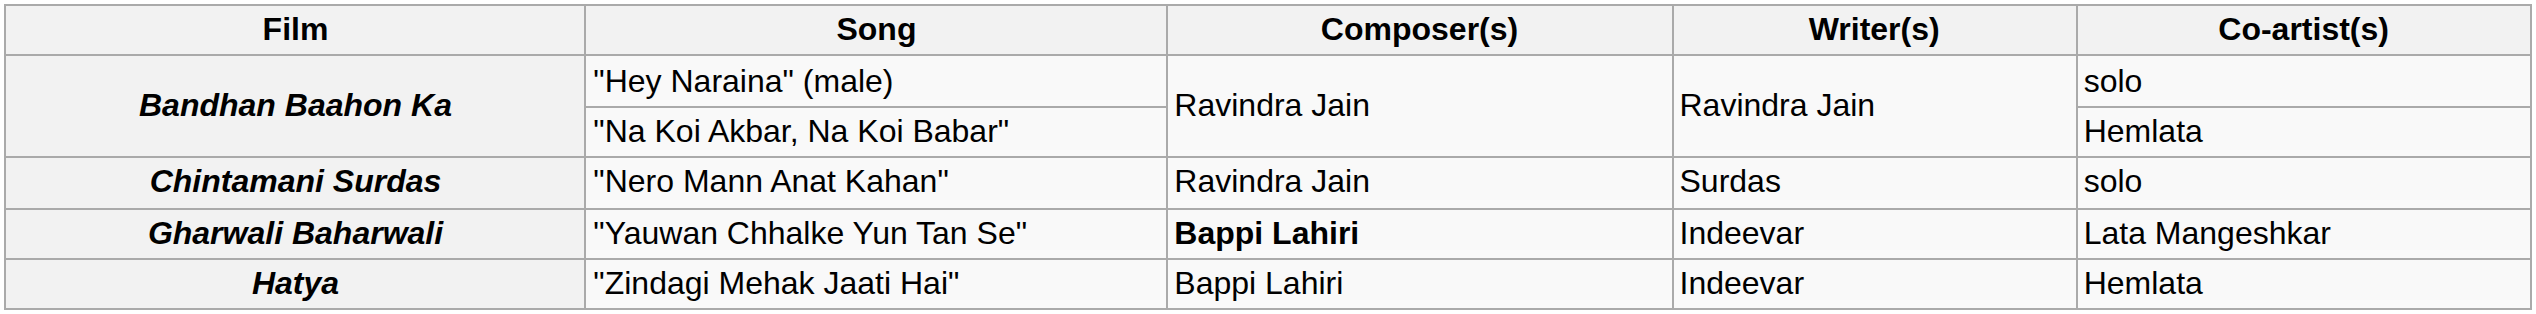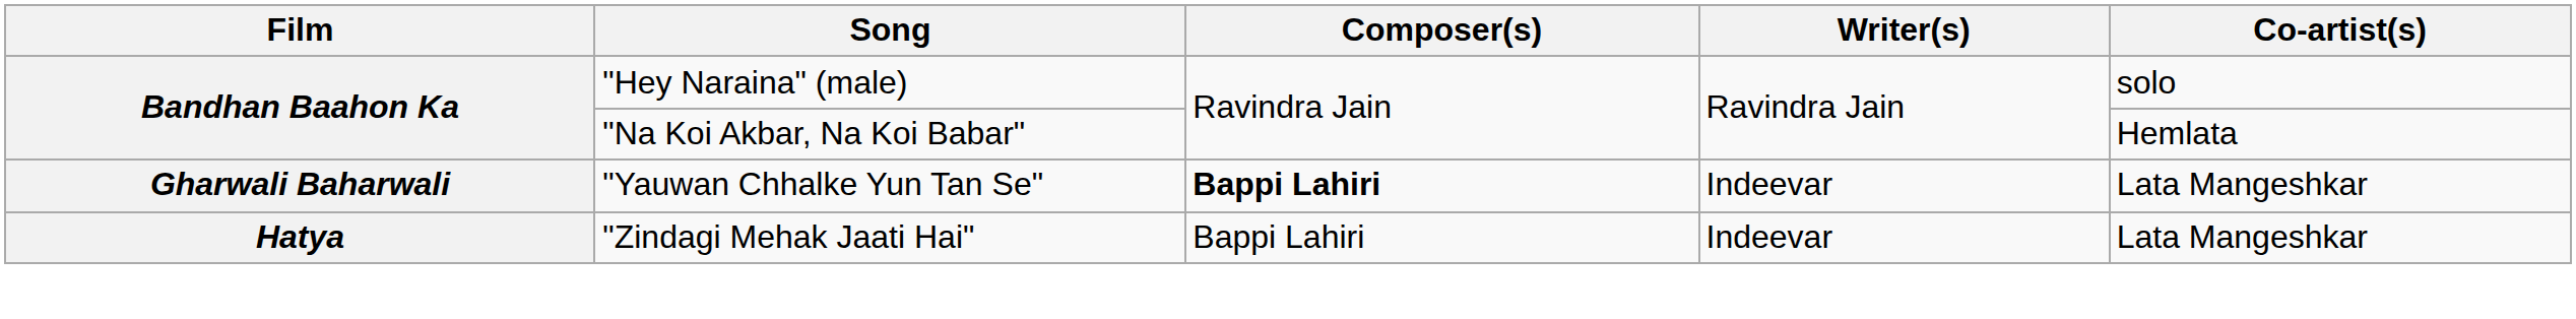 <table class="wikitable plainrowheaders" style="width:100%;" textcolor:#000;">
 <tr style="background:#b0e0e66;">
 <th scope="col" style="width:23%;"><strong>Film</strong></th>
 <th scope="col" style="width:23%;"><strong>Song</strong></th>
 <th scope="col" style="width:20%;"><strong>Composer(s)</strong></th>
 <th scope="col" style="width:16%;"><strong>Writer(s)</strong></th>
 <th scope="col" style="width:18%;"><strong>Co-artist(s)</strong></th>
 </tr>
 <tr>
 <th rowspan=2><em>Bandhan Baahon Ka</em></th>
 <td>"Hey Naraina" (male)</td>
 <td rowspan=2>Ravindra Jain</td>
 <td Rowspan=2>Ravindra Jain</td>
 <td>solo</td>
 </tr>
 <tr>
 <td>"Na Koi Akbar, Na Koi Babar"</td>
 <td>Hemlata</td>
 </tr>
 <tr>
-<th><em>Chintamani Surdas</em></th>
-<td>"Nero Mann Anat Kahan"</td>
-<td>Ravindra Jain</td>
-<td>Surdas</td>
-<td>solo</td>
-</tr>
-<tr>
 <th><em>Gharwali Baharwali</em></th>
 <td>"Yauwan Chhalke Yun Tan Se"</td>
 <td><strong>Bappi Lahiri</strong></td>
 <td>Indeevar</td>
 <td>Lata Mangeshkar</td>
 </tr>
 <tr>
 <th><em>Hatya</em></th>
 <td>"Zindagi Mehak Jaati Hai"</td>
 <td>Bappi Lahiri</td>
 <td>Indeevar</td>
-<td>Hemlata</td>
+<td>Lata Mangeshkar</td>
 </tr>
 <tr>
 </tr>
 </table>
